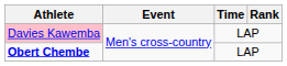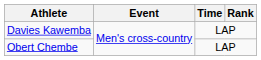 <table class="wikitable" style="font-size:90%; text-align:center">
 <tr>
 <th>Athlete</th>
 <th>Event</th>
 <th>Time</th>
 <th>Rank</th>
 </tr>
 <tr>
-<td align=left style="background: pink;"><a href='#'>Davies Kawemba</a></td>
+<td align=left><a href='#'>Davies Kawemba</a></td>
 <td align=left rowspan=2><a href='#'>Men's cross-country</a></td>
 <td colspan=2>LAP</td>
 </tr>
 <tr>
-<td align=left><strong><a href='#'>Obert Chembe</a></strong></td>
+<td align=left><a href='#'>Obert Chembe</a></td>
 <td colspan=2>LAP</td>
 </tr>
 </table>
